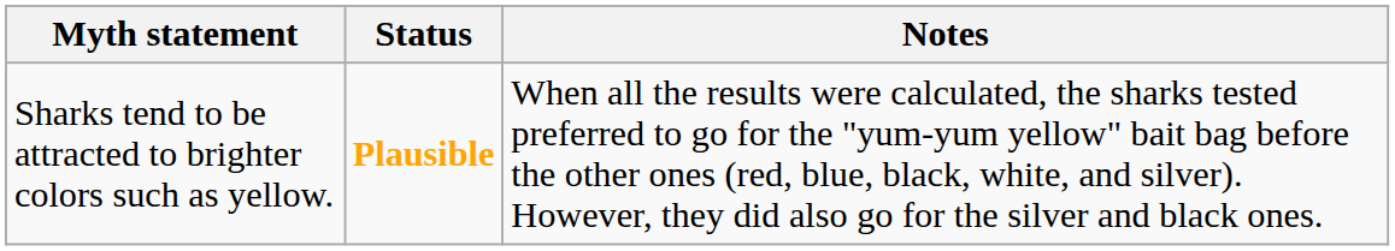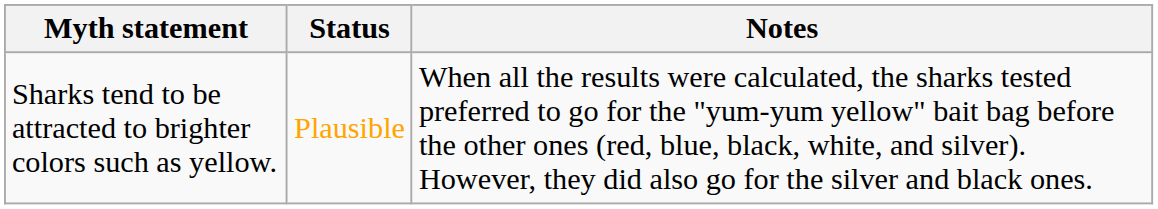 <table class="wikitable">
 <tr>
 <th>Myth statement</th>
 <th>Status</th>
 <th>Notes</th>
 </tr>
 <tr>
 <td>Sharks tend to be attracted to brighter colors such as yellow.</td>
-<td style="color:orange"><strong>Plausible</strong></td>
+<td style="color:orange">Plausible</td>
 <td>When all the results were calculated, the sharks tested preferred to go for the "yum-yum yellow" bait bag before the other ones (red, blue, black, white, and silver). However, they did also go for the silver and black ones.</td>
 </tr>
 </table>
